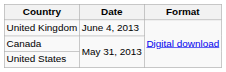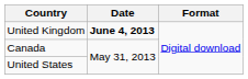 <table class="wikitable">
 <tr>
 <th>Country</th>
 <th>Date</th>
 <th>Format</th>
 </tr>
 <tr>
 <td>United Kingdom</td>
-<td>June 4, 2013</td>
+<td><strong>June 4, 2013</strong></td>
 <td rowspan="3"><a href='#'>Digital download</a></td>
 </tr>
 <tr>
 <td>Canada</td>
 <td rowspan="2">May 31, 2013</td>
 </tr>
 <tr>
 <td>United States</td>
 </tr>
 </table>
